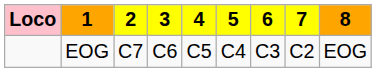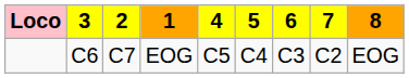 <table class="wikitable plainrowheaders unsortable" style="text-align:center">
 <tr>
 <th scope="col" rowspan="1" style="background:pink;">Loco</th>
+<th scope="col" rowspan="1" style="background: yellow;">3</th>
+<th scope="col" rowspan="1" style="background: yellow;">2</th>
 <th scope="col" rowspan="1" style="background:orange;">1</th>
-<th scope="col" rowspan="1" style="background: yellow;">2</th>
-<th scope="col" rowspan="1" style="background: yellow;">3</th>
 <th scope="col" rowspan="1" style="background: yellow;">4</th>
 <th scope="col" rowspan="1" style="background: yellow;">5</th>
 <th scope="col" rowspan="1" style="background: yellow;">6</th>
 <th scope="col" rowspan="1" style="background: yellow;">7</th>
 <th scope="col" rowspan="1" style="background:orange;">8</th>
 </tr>
 <tr>
 <td></td>
+<td>C6</td>
+<td>C7</td>
 <td>EOG</td>
-<td>C7</td>
-<td>C6</td>
 <td>C5</td>
 <td>C4</td>
 <td>C3</td>
 <td>C2</td>
 <td>EOG</td>
 </tr>
 </table>
